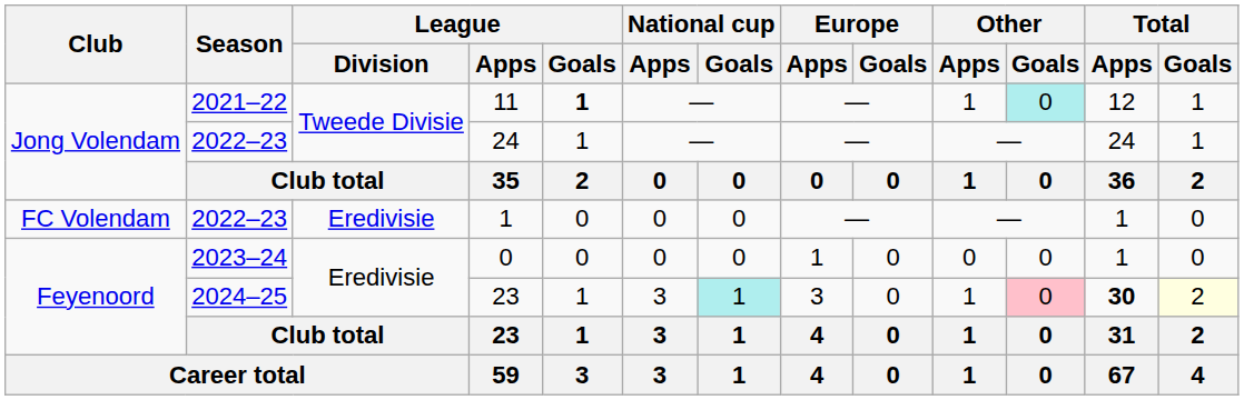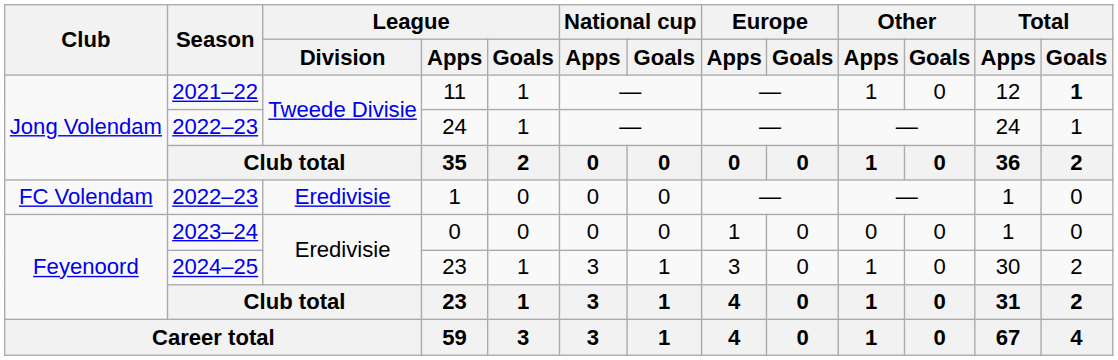 <table class="wikitable" style="text-align:center">
 <tr>
 <th rowspan="2">Club</th>
 <th rowspan="2">Season</th>
 <th colspan="3">League</th>
 <th colspan="2">National cup</th>
 <th colspan="2">Europe</th>
 <th colspan="2">Other</th>
 <th colspan="2">Total</th>
 </tr>
 <tr>
 <th>Division</th>
 <th>Apps</th>
 <th>Goals</th>
 <th>Apps</th>
 <th>Goals</th>
 <th>Apps</th>
 <th>Goals</th>
 <th>Apps</th>
 <th>Goals</th>
 <th>Apps</th>
 <th>Goals</th>
 </tr>
 <tr>
 <td rowspan="3"><a href='#'>Jong Volendam</a></td>
 <td><a href='#'>2021–22</a></td>
 <td rowspan="2"><a href='#'>Tweede Divisie</a></td>
 <td>11</td>
-<td><strong>1</strong></td>
+<td>1</td>
 <td colspan="2">—</td>
 <td colspan="2">—</td>
 <td>1</td>
-<td style="background: paleturquoise;">0</td>
+<td>0</td>
 <td>12</td>
-<td>1</td>
+<td><strong>1</strong></td>
 </tr>
 <tr>
 <td><a href='#'>2022–23</a></td>
 <td>24</td>
 <td>1</td>
 <td colspan="2">—</td>
 <td colspan="2">—</td>
 <td colspan="2">—</td>
 <td>24</td>
 <td>1</td>
 </tr>
 <tr>
 <th colspan="2">Club total</th>
 <th>35</th>
 <th>2</th>
 <th>0</th>
 <th>0</th>
 <th>0</th>
 <th>0</th>
 <th>1</th>
 <th>0</th>
 <th>36</th>
 <th>2</th>
 </tr>
 <tr>
 <td><a href='#'>FC Volendam</a></td>
 <td><a href='#'>2022–23</a></td>
 <td><a href='#'>Eredivisie</a></td>
 <td>1</td>
 <td>0</td>
 <td>0</td>
 <td>0</td>
 <td colspan="2">—</td>
 <td colspan="2">—</td>
 <td>1</td>
 <td>0</td>
 </tr>
 <tr>
 <td rowspan="3"><a href='#'>Feyenoord</a></td>
 <td><a href='#'>2023–24</a></td>
 <td rowspan="2">Eredivisie</td>
 <td>0</td>
 <td>0</td>
 <td>0</td>
 <td>0</td>
 <td>1</td>
 <td>0</td>
 <td>0</td>
 <td>0</td>
 <td>1</td>
 <td>0</td>
 </tr>
 <tr>
 <td><a href='#'>2024–25</a></td>
 <td>23</td>
 <td>1</td>
 <td>3</td>
-<td style="background: paleturquoise;">1</td>
+<td>1</td>
 <td>3</td>
 <td>0</td>
 <td>1</td>
-<td style="background: pink;">0</td>
-<td><strong>30</strong></td>
-<td style="background: lightyellow;">2</td>
+<td>0</td>
+<td>30</td>
+<td>2</td>
 </tr>
 <tr>
 <th colspan="2">Club total</th>
 <th>23</th>
 <th>1</th>
 <th>3</th>
 <th>1</th>
 <th>4</th>
 <th>0</th>
 <th>1</th>
 <th>0</th>
 <th>31</th>
 <th>2</th>
 </tr>
 <tr>
 <th colspan="3">Career total</th>
 <th>59</th>
 <th>3</th>
 <th>3</th>
 <th>1</th>
 <th>4</th>
 <th>0</th>
 <th>1</th>
 <th>0</th>
 <th>67</th>
 <th>4</th>
 </tr>
 </table>
